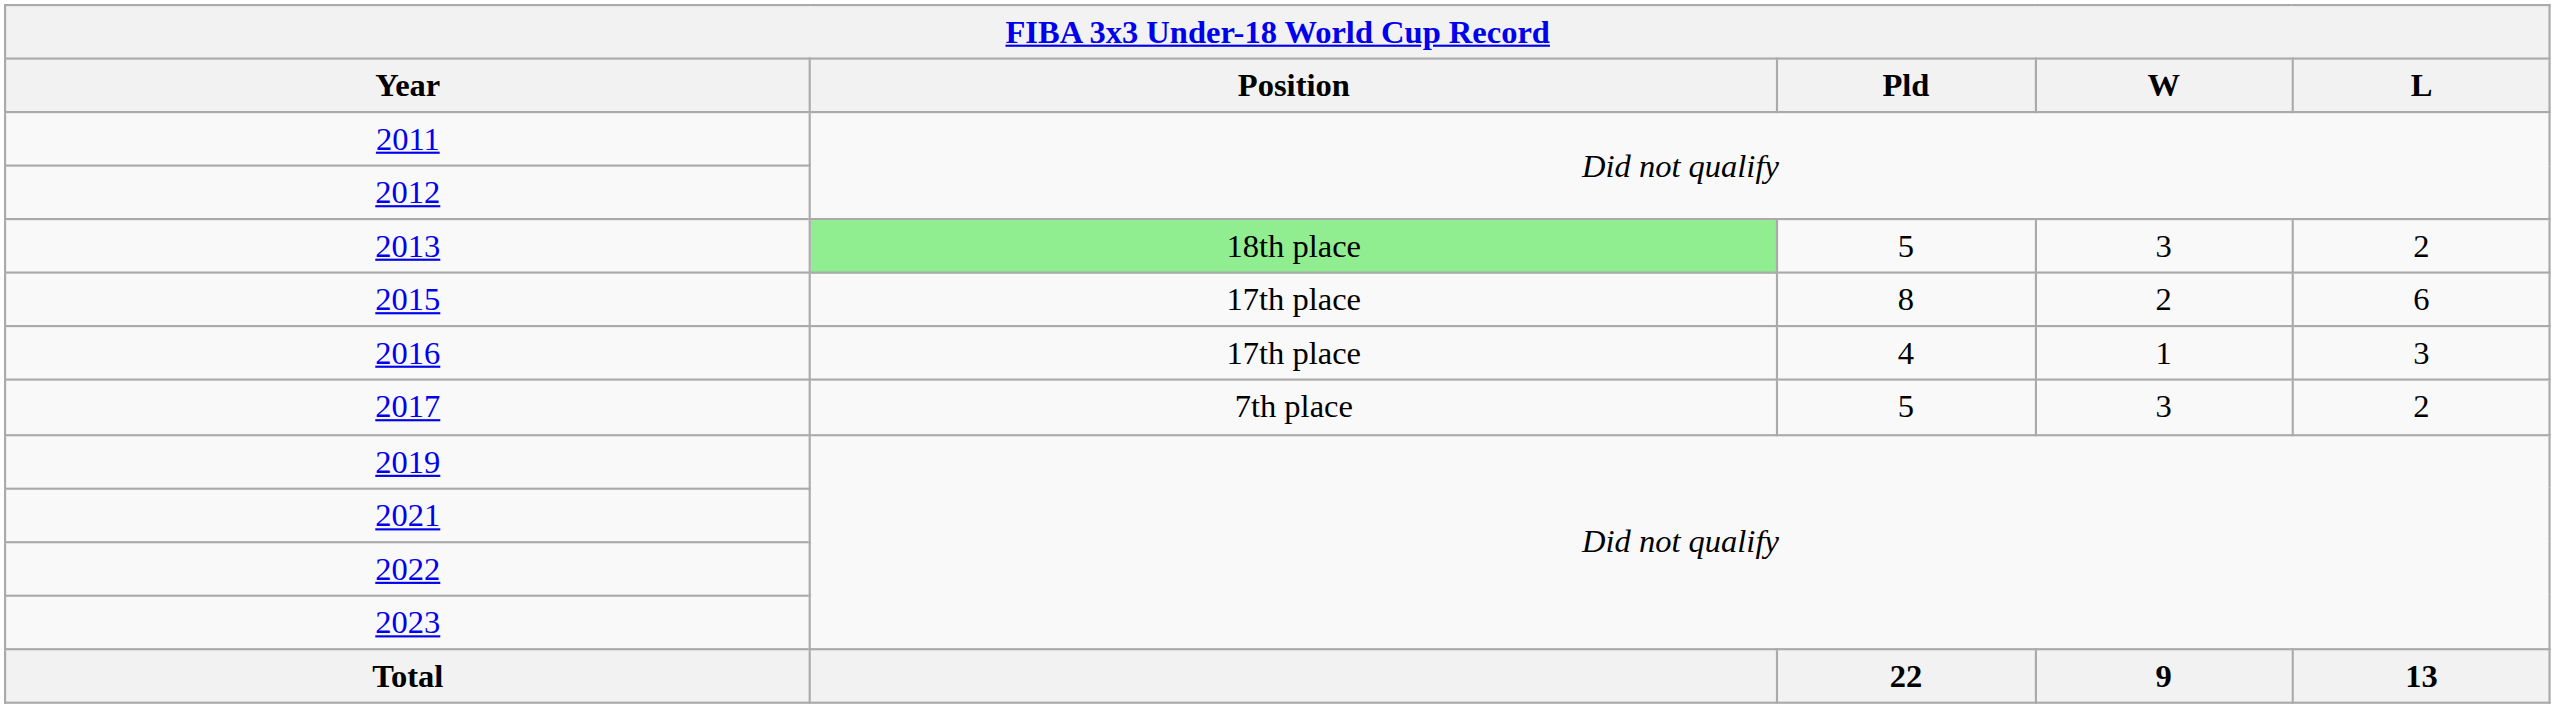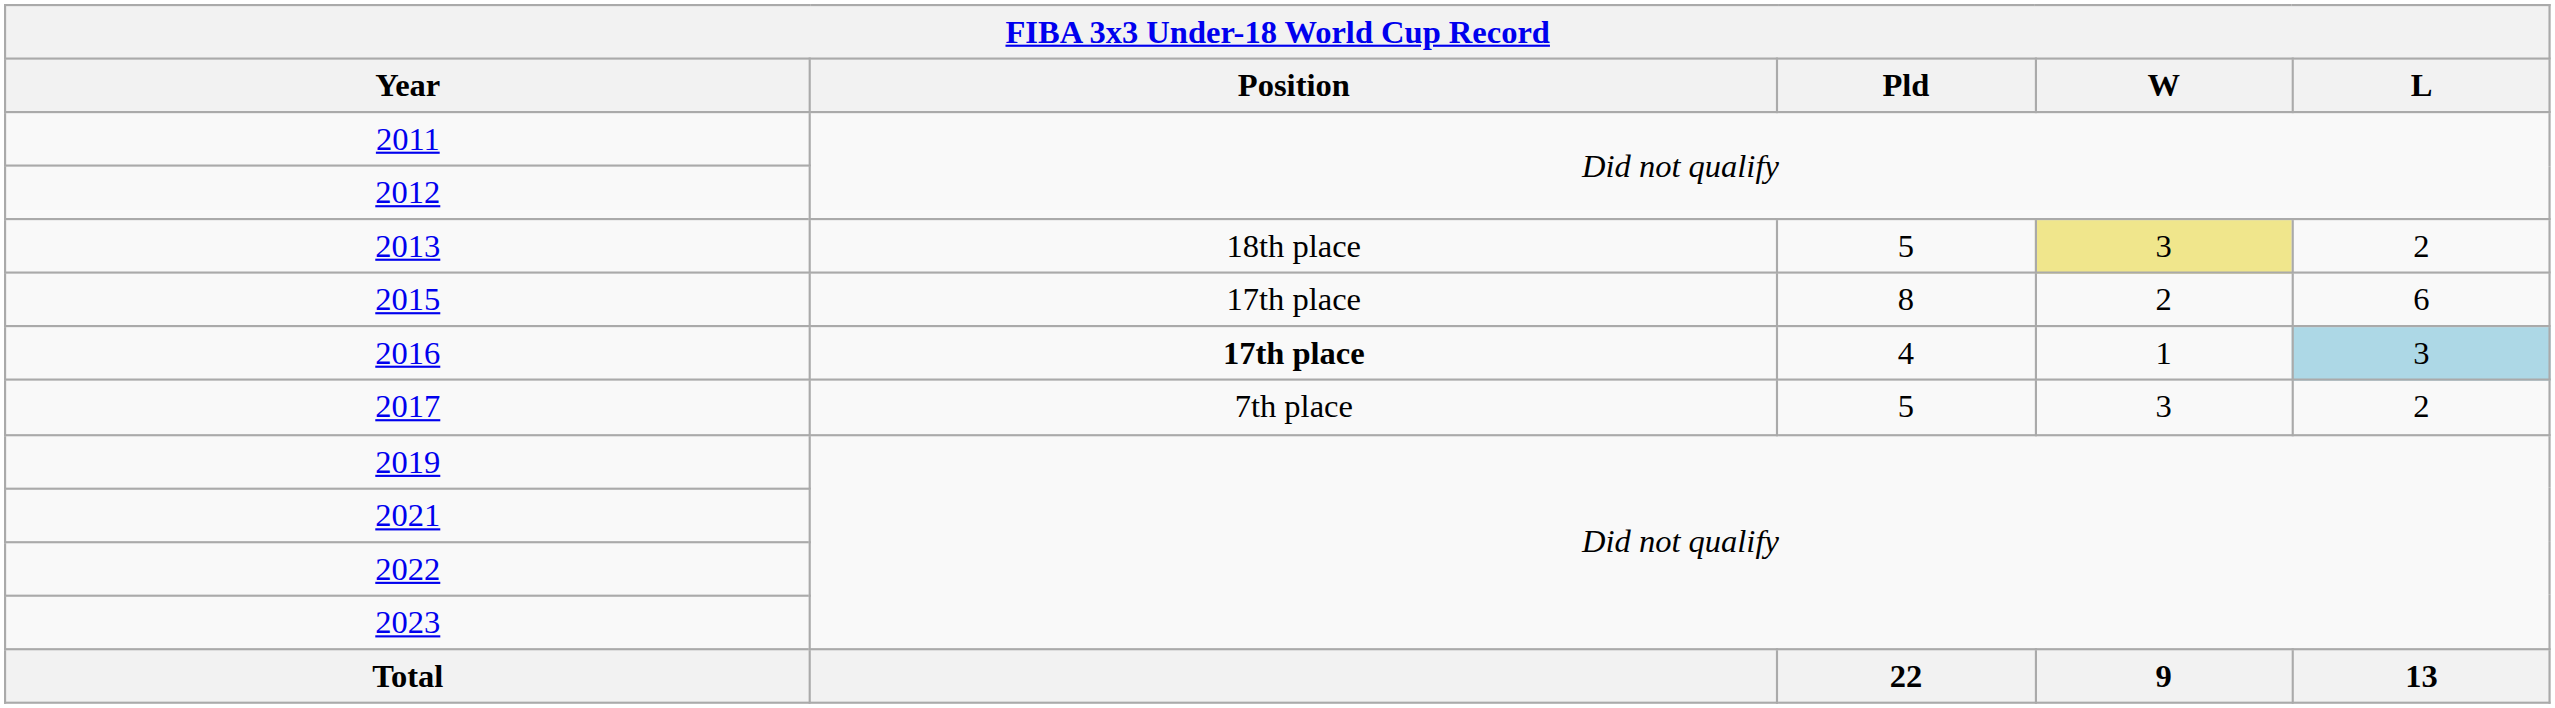 <table class="wikitable collapsible autocollapse" style="text-align: center; font-size:95%;" width=60%>
 <tr>
 <th colspan=9><a href='#'>FIBA 3x3 Under-18 World Cup Record</a></th>
 </tr>
 <tr>
 <th width=25%>Year</th>
 <th width=30%>Position</th>
 <th width=8%>Pld</th>
 <th width=8%>W</th>
 <th width=8%>L</th>
 </tr>
 <tr>
 <td> <a href='#'>2011</a></td>
 <td colspan=4 rowspan=2><em>Did not qualify</em></td>
 </tr>
 <tr>
 <td> <a href='#'>2012</a></td>
 </tr>
 <tr>
 <td> <a href='#'>2013</a></td>
-<td style="background: lightgreen;">18th place</td>
+<td>18th place</td>
 <td>5</td>
-<td>3</td>
+<td style="background: khaki;">3</td>
 <td>2</td>
 </tr>
 <tr>
 <td> <a href='#'>2015</a></td>
 <td>17th place</td>
 <td>8</td>
 <td>2</td>
 <td>6</td>
 </tr>
 <tr>
 <td> <a href='#'>2016</a></td>
-<td>17th place</td>
+<td><strong>17th place</strong></td>
 <td>4</td>
 <td>1</td>
-<td>3</td>
+<td style="background: lightblue;">3</td>
 </tr>
 <tr>
 <td> <a href='#'>2017</a></td>
 <td>7th place</td>
 <td>5</td>
 <td>3</td>
 <td>2</td>
 </tr>
 <tr>
 <td> <a href='#'>2019</a></td>
 <td rowspan=4 colspan=4><em>Did not qualify</em></td>
 </tr>
 <tr>
 <td> <a href='#'>2021</a></td>
 </tr>
 <tr>
 <td> <a href='#'>2022</a></td>
 </tr>
 <tr>
 <td> <a href='#'>2023</a></td>
 </tr>
 <tr>
 <th><strong>Total</strong></th>
 <th></th>
 <th>22</th>
 <th>9</th>
 <th>13</th>
 </tr>
 </table>
